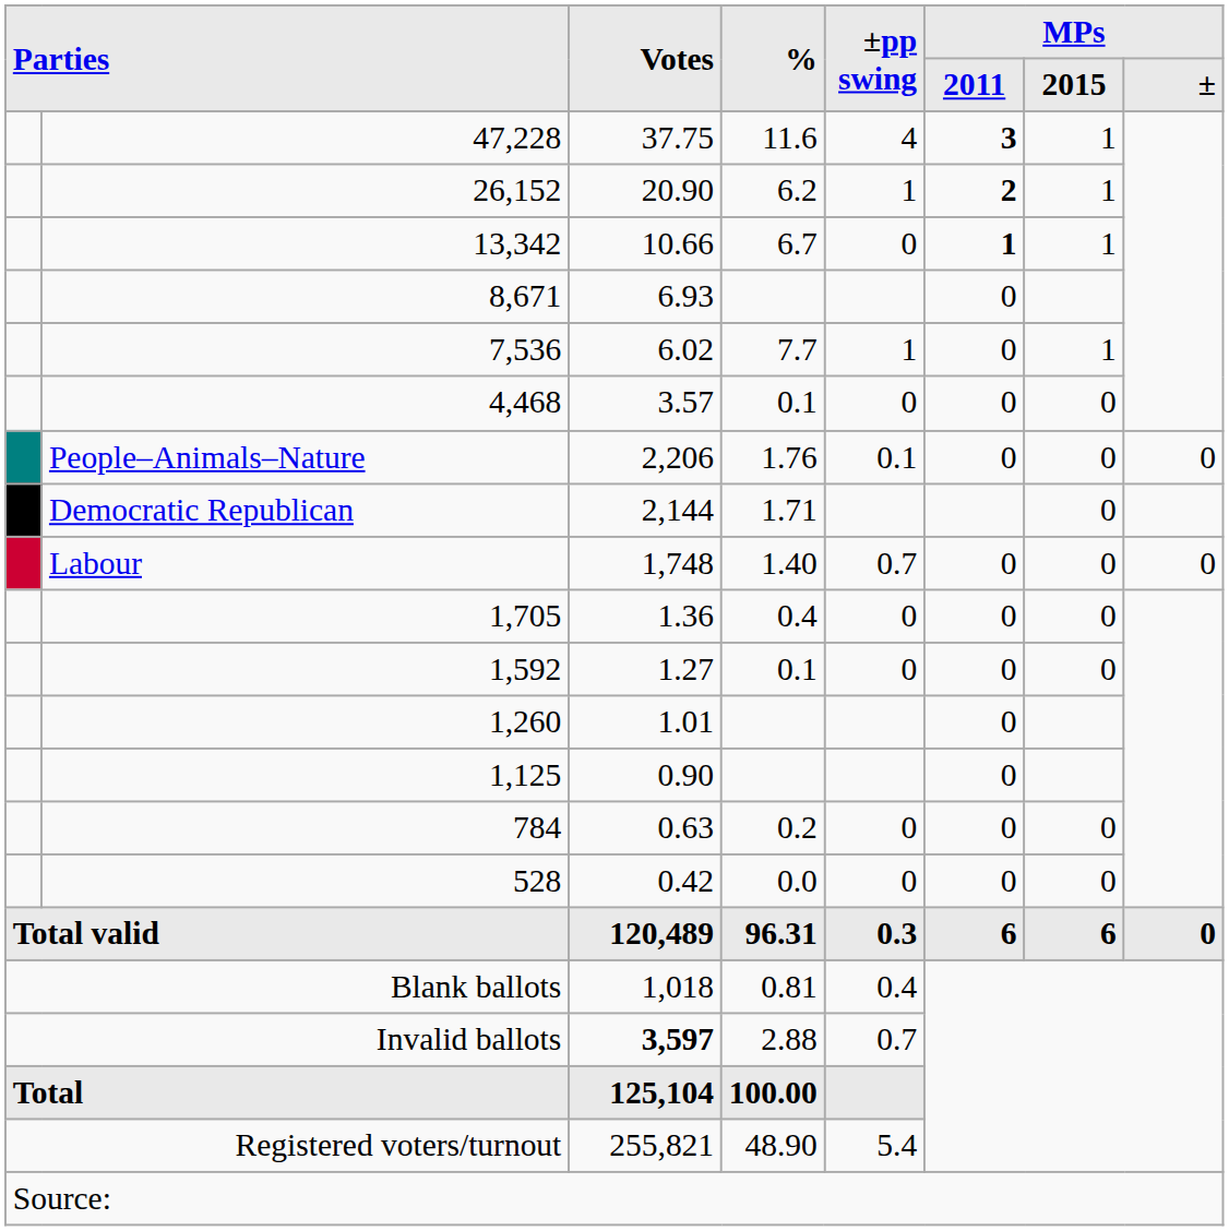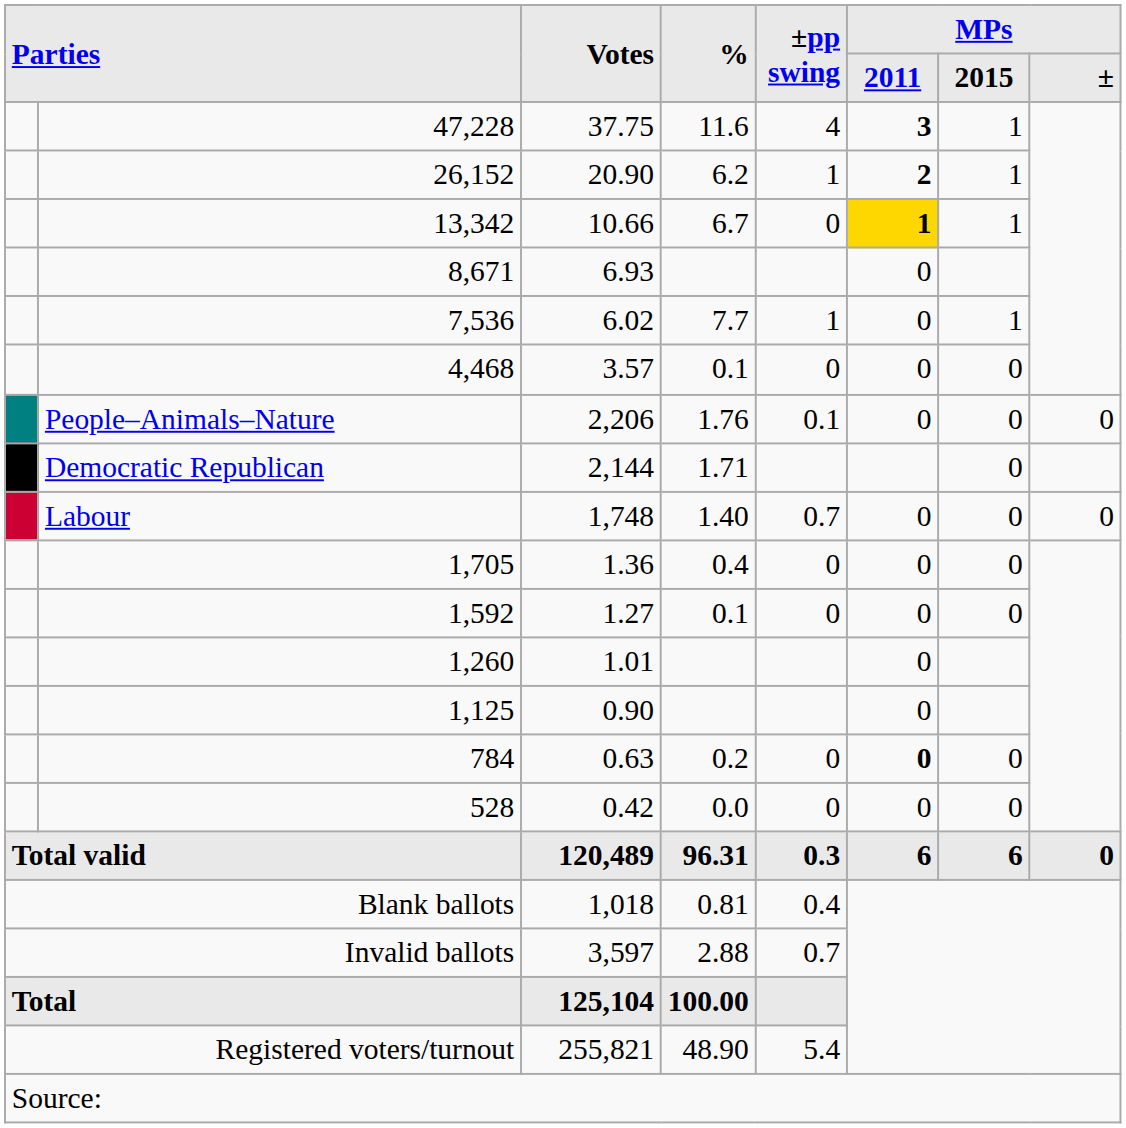 <table class="wikitable" style="text-align:right; font-size:95%;">
 <tr>
 <th rowspan="2" colspan="2" style="background:#e9e9e9; text-align:left;" alignleft><a href='#'>Parties</a></th>
 <th rowspan="2" style="background:#e9e9e9; text-align:right;">Votes</th>
 <th rowspan="2" style="background:#e9e9e9; text-align:right;">%</th>
 <th rowspan="2" style="background:#e9e9e9; text-align:right;">±<a href='#'>pp</a> <a href='#'>swing</a></th>
 <th colspan="3" style="background:#e9e9e9; text-align:center;"><a href='#'>MPs</a></th>
 </tr>
 <tr style="background-color:#E9E9E9">
 <th style="background-color:#E9E9E9;text-align:center;"><a href='#'>2011</a></th>
 <th style="background-color:#E9E9E9;text-align:center;">2015</th>
 <th style="background:#e9e9e9; text-align:right;">±</th>
 </tr>
 <tr>
 <td></td>
 <td>47,228</td>
 <td>37.75</td>
 <td>11.6</td>
 <td>4</td>
 <td><strong>3</strong></td>
 <td>1</td>
 </tr>
 <tr>
 <td></td>
 <td>26,152</td>
 <td>20.90</td>
 <td>6.2</td>
 <td>1</td>
 <td><strong>2</strong></td>
 <td>1</td>
 </tr>
 <tr>
 <td></td>
 <td>13,342</td>
 <td>10.66</td>
 <td>6.7</td>
 <td>0</td>
-<td><strong>1</strong></td>
+<td style="background: gold;"><strong>1</strong></td>
 <td>1</td>
 </tr>
 <tr>
 <td></td>
 <td>8,671</td>
 <td>6.93</td>
 <td></td>
 <td></td>
 <td>0</td>
 <td></td>
 </tr>
 <tr>
 <td></td>
 <td>7,536</td>
 <td>6.02</td>
 <td>7.7</td>
 <td>1</td>
 <td>0</td>
 <td>1</td>
 </tr>
 <tr>
 <td></td>
 <td>4,468</td>
 <td>3.57</td>
 <td>0.1</td>
 <td>0</td>
 <td>0</td>
 <td>0</td>
 </tr>
 <tr>
 <td style="width: 10px" bgcolor="teal" align="center"></td>
 <td align="left"><a href='#'>People–Animals–Nature</a></td>
 <td>2,206</td>
 <td>1.76</td>
 <td>0.1</td>
 <td>0</td>
 <td>0</td>
 <td>0</td>
 </tr>
 <tr>
 <td style="width: 10px" bgcolor=black align="center"></td>
 <td align=left><a href='#'>Democratic Republican</a></td>
 <td>2,144</td>
 <td>1.71</td>
 <td></td>
 <td></td>
 <td>0</td>
 <td></td>
 </tr>
 <tr>
 <td style="width: 10px" bgcolor=#CC0033 align="center"></td>
 <td align=left><a href='#'>Labour</a></td>
 <td>1,748</td>
 <td>1.40</td>
 <td>0.7</td>
 <td>0</td>
 <td>0</td>
 <td>0</td>
 </tr>
 <tr>
 <td></td>
 <td>1,705</td>
 <td>1.36</td>
 <td>0.4</td>
 <td>0</td>
 <td>0</td>
 <td>0</td>
 </tr>
 <tr>
 <td></td>
 <td>1,592</td>
 <td>1.27</td>
 <td>0.1</td>
 <td>0</td>
 <td>0</td>
 <td>0</td>
 </tr>
 <tr>
 <td></td>
 <td>1,260</td>
 <td>1.01</td>
 <td></td>
 <td></td>
 <td>0</td>
 <td></td>
 </tr>
 <tr>
 <td></td>
 <td>1,125</td>
 <td>0.90</td>
 <td></td>
 <td></td>
 <td>0</td>
 <td></td>
 </tr>
 <tr>
 <td></td>
 <td>784</td>
 <td>0.63</td>
 <td>0.2</td>
 <td>0</td>
-<td>0</td>
+<td><strong>0</strong></td>
 <td>0</td>
 </tr>
 <tr>
 <td></td>
 <td>528</td>
 <td>0.42</td>
 <td>0.0</td>
 <td>0</td>
 <td>0</td>
 <td>0</td>
 </tr>
 <tr>
 <td colspan=2 align=left style="background-color:#E9E9E9"><strong>Total valid</strong></td>
 <td width="65" align="right" style="background-color:#E9E9E9"><strong>120,489</strong></td>
 <td width="40" align="right" style="background-color:#E9E9E9"><strong>96.31</strong></td>
 <td width="40" align="right" style="background-color:#E9E9E9"><strong>0.3</strong></td>
 <td width="40" align="right" style="background-color:#E9E9E9"><strong>6</strong></td>
 <td width="40" align="right" style="background-color:#E9E9E9"><strong>6</strong></td>
 <td width="40" align="right" style="background-color:#E9E9E9"><strong>0</strong></td>
 </tr>
 <tr>
 <td colspan=2>Blank ballots</td>
 <td>1,018</td>
 <td>0.81</td>
 <td>0.4</td>
 <td colspan=4 rowspan=4></td>
 </tr>
 <tr>
 <td colspan=2>Invalid ballots</td>
-<td><strong>3,597</strong></td>
+<td>3,597</td>
 <td>2.88</td>
 <td>0.7</td>
 </tr>
 <tr>
 <td colspan=2 width="259" align=left style="background-color:#E9E9E9"><strong>Total</strong></td>
 <td width="50" align="right" style="background-color:#E9E9E9"><strong>125,104</strong></td>
 <td width="40" align="right" style="background-color:#E9E9E9"><strong>100.00</strong></td>
 <td width="40" align="right" style="background-color:#E9E9E9"></td>
 </tr>
 <tr>
 <td colspan=2>Registered voters/turnout</td>
 <td>255,821</td>
 <td>48.90</td>
 <td>5.4</td>
 </tr>
 <tr>
 <td colspan=11 align=left>Source: </td>
 </tr>
 </table>
